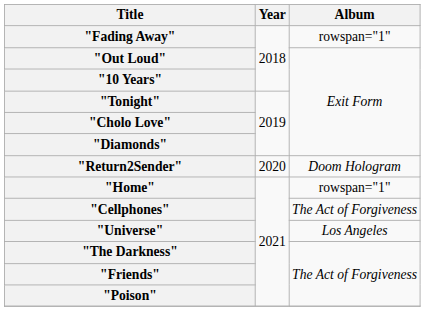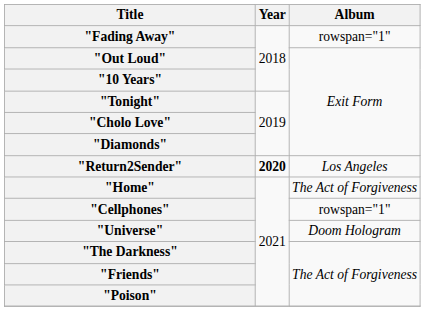 <table class="wikitable plainrowheaders" style="text-align:center;">
 <tr>
 <th scope="col" style="width:18em;">Title</th>
 <th scope="col" style="width:1em;">Year</th>
 <th scope="col">Album</th>
 </tr>
 <tr>
 <th scope="row">"Fading Away"</th>
 <td rowspan="3">2018</td>
 <td>rowspan="1" </td>
 </tr>
 <tr>
 <th scope="row">"Out Loud"</th>
 <td rowspan="5"><em>Exit Form</em></td>
 </tr>
 <tr>
 <th scope="row">"10 Years"</th>
 </tr>
 <tr>
 <th scope="row">"Tonight"</th>
 <td rowspan="3">2019</td>
 </tr>
 <tr>
 <th scope="row">"Cholo Love"</th>
 </tr>
 <tr>
 <th scope="row">"Diamonds"</th>
 </tr>
 <tr>
 <th scope="row">"Return2Sender"</th>
-<td>2020</td>
-<td><em>Doom Hologram</em></td>
+<td><strong>2020</strong></td>
+<td><em>Los Angeles</em></td>
 </tr>
 <tr>
 <th scope="row">"Home"</th>
 <td rowspan="6">2021</td>
+<td><em>The Act of Forgiveness</em></td>
+</tr>
+<tr>
+<th scope="row">"Cellphones"</th>
 <td>rowspan="1" </td>
 </tr>
 <tr>
-<th scope="row">"Cellphones"</th>
-<td><em>The Act of Forgiveness</em></td>
-</tr>
-<tr>
 <th scope="row">"Universe"</th>
-<td><em>Los Angeles</em></td>
+<td><em>Doom Hologram</em></td>
 </tr>
 <tr>
 <th scope="row">"The Darkness"</th>
 <td rowspan="3"><em>The Act of Forgiveness</em></td>
 </tr>
 <tr>
 <th scope="row">"Friends"</th>
 </tr>
 <tr>
 <th scope="row">"Poison"</th>
 </tr>
 <tr>
 </tr>
 </table>
